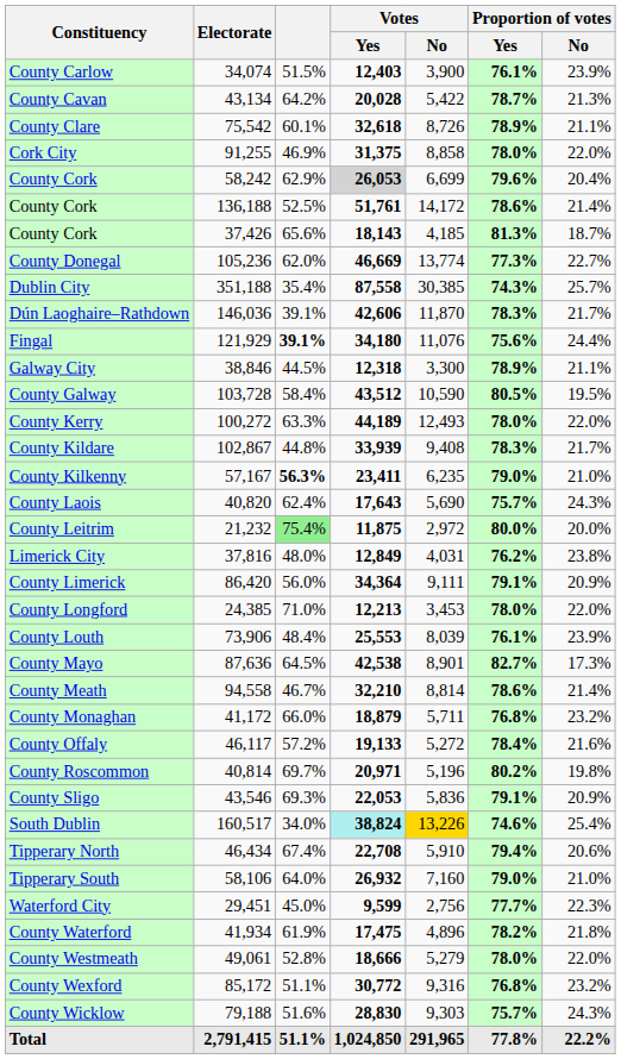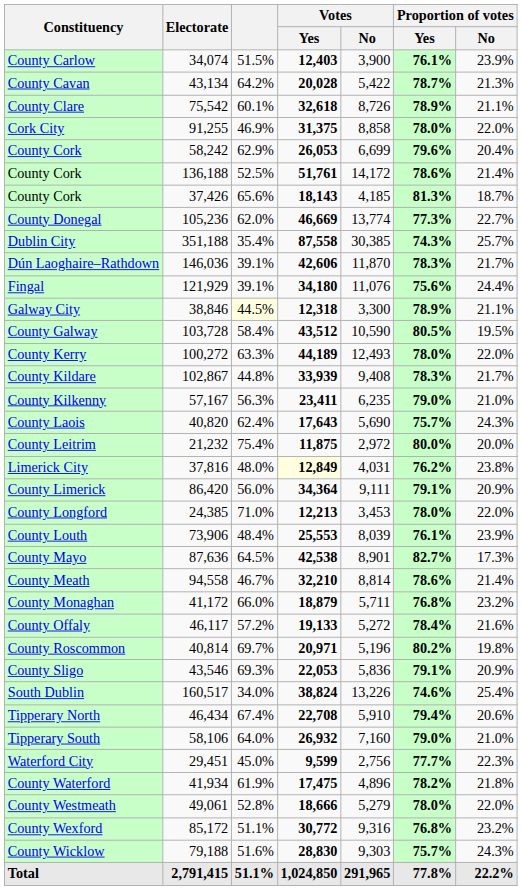 <table class="wikitable sortable">
 <tr>
 <th rowspan=2>Constituency</th>
 <th rowspan=2>Electorate</th>
 <th rowspan=2></th>
 <th colspan=2>Votes</th>
 <th colspan=2>Proportion of votes</th>
 </tr>
 <tr>
 <th>Yes</th>
 <th>No</th>
 <th>Yes</th>
 <th>No</th>
 </tr>
 <tr>
 <td style="background:#c8ffc8;"><a href='#'>County Carlow</a></td>
 <td style="text-align: right;">34,074</td>
 <td style="text-align: right;">51.5%</td>
 <td style="text-align: right;"><strong>12,403</strong></td>
 <td style="text-align: right;">3,900</td>
 <td style="text-align: right; background:#c8ffc8;"><strong>76.1%</strong></td>
 <td style="text-align: right;">23.9%</td>
 </tr>
 <tr>
 <td style="background:#c8ffc8;"><a href='#'>County Cavan</a></td>
 <td style="text-align: right;">43,134</td>
 <td style="text-align: right;">64.2%</td>
 <td style="text-align: right;"><strong>20,028</strong></td>
 <td style="text-align: right;">5,422</td>
 <td style="text-align: right; background:#c8ffc8;"><strong>78.7%</strong></td>
 <td style="text-align: right;">21.3%</td>
 </tr>
 <tr>
 <td style="background:#c8ffc8;"><a href='#'>County Clare</a></td>
 <td style="text-align: right;">75,542</td>
 <td style="text-align: right;">60.1%</td>
 <td style="text-align: right;"><strong>32,618</strong></td>
 <td style="text-align: right;">8,726</td>
 <td style="text-align: right; background:#c8ffc8;"><strong>78.9%</strong></td>
 <td style="text-align: right;">21.1%</td>
 </tr>
 <tr>
 <td style="background:#c8ffc8;"><a href='#'>Cork City</a></td>
 <td style="text-align: right;">91,255</td>
 <td style="text-align: right;">46.9%</td>
 <td style="text-align: right;"><strong>31,375</strong></td>
 <td style="text-align: right;">8,858</td>
 <td style="text-align: right; background:#c8ffc8;"><strong>78.0%</strong></td>
 <td style="text-align: right;">22.0%</td>
 </tr>
 <tr>
 <td style="background:#c8ffc8;"><a href='#'>County Cork</a> </td>
 <td style="text-align: right;">58,242</td>
 <td style="text-align: right;">62.9%</td>
-<td style="background: lightgrey; text-align: right;"><strong>26,053</strong></td>
+<td style="text-align: right;"><strong>26,053</strong></td>
 <td style="text-align: right;">6,699</td>
 <td style="text-align: right; background:#c8ffc8;"><strong>79.6%</strong></td>
 <td style="text-align: right;">20.4%</td>
 </tr>
 <tr>
 <td style="background:#c8ffc8;">County Cork </td>
 <td style="text-align: right;">136,188</td>
 <td style="text-align: right;">52.5%</td>
 <td style="text-align: right;"><strong>51,761</strong></td>
 <td style="text-align: right;">14,172</td>
 <td style="text-align: right; background:#c8ffc8;"><strong>78.6%</strong></td>
 <td style="text-align: right;">21.4%</td>
 </tr>
 <tr>
 <td style="background:#c8ffc8;">County Cork </td>
 <td style="text-align: right;">37,426</td>
 <td style="text-align: right;">65.6%</td>
 <td style="text-align: right;"><strong>18,143</strong></td>
 <td style="text-align: right;">4,185</td>
 <td style="text-align: right; background:#c8ffc8;"><strong>81.3%</strong></td>
 <td style="text-align: right;">18.7%</td>
 </tr>
 <tr>
 <td style="background:#c8ffc8;"><a href='#'>County Donegal</a></td>
 <td style="text-align: right;">105,236</td>
 <td style="text-align: right;">62.0%</td>
 <td style="text-align: right;"><strong>46,669</strong></td>
 <td style="text-align: right;">13,774</td>
 <td style="text-align: right; background:#c8ffc8;"><strong>77.3%</strong></td>
 <td style="text-align: right;">22.7%</td>
 </tr>
 <tr>
 <td style="background:#c8ffc8;"><a href='#'>Dublin City</a></td>
 <td style="text-align: right;">351,188</td>
 <td style="text-align: right;">35.4%</td>
 <td style="text-align: right;"><strong>87,558</strong></td>
 <td style="text-align: right;">30,385</td>
 <td style="text-align: right; background:#c8ffc8;"><strong>74.3%</strong></td>
 <td style="text-align: right;">25.7%</td>
 </tr>
 <tr>
 <td style="background:#c8ffc8;"><a href='#'>Dún Laoghaire–Rathdown</a></td>
 <td style="text-align: right;">146,036</td>
 <td style="text-align: right;">39.1%</td>
 <td style="text-align: right;"><strong>42,606</strong></td>
 <td style="text-align: right;">11,870</td>
 <td style="text-align: right; background:#c8ffc8;"><strong>78.3%</strong></td>
 <td style="text-align: right;">21.7%</td>
 </tr>
 <tr>
 <td style="background:#c8ffc8;"><a href='#'>Fingal</a></td>
 <td style="text-align: right;">121,929</td>
-<td style="text-align: right;"><strong>39.1%</strong></td>
+<td style="text-align: right;">39.1%</td>
 <td style="text-align: right;"><strong>34,180</strong></td>
 <td style="text-align: right;">11,076</td>
 <td style="text-align: right; background:#c8ffc8;"><strong>75.6%</strong></td>
 <td style="text-align: right;">24.4%</td>
 </tr>
 <tr>
 <td style="background:#c8ffc8;"><a href='#'>Galway City</a></td>
 <td style="text-align: right;">38,846</td>
-<td style="text-align: right;">44.5%</td>
+<td style="background: lightyellow; text-align: right;">44.5%</td>
 <td style="text-align: right;"><strong>12,318</strong></td>
 <td style="text-align: right;">3,300</td>
 <td style="text-align: right; background:#c8ffc8;"><strong>78.9%</strong></td>
 <td style="text-align: right;">21.1%</td>
 </tr>
 <tr>
 <td style="background:#c8ffc8;"><a href='#'>County Galway</a></td>
 <td style="text-align: right;">103,728</td>
 <td style="text-align: right;">58.4%</td>
 <td style="text-align: right;"><strong>43,512</strong></td>
 <td style="text-align: right;">10,590</td>
 <td style="text-align: right; background:#c8ffc8;"><strong>80.5%</strong></td>
 <td style="text-align: right;">19.5%</td>
 </tr>
 <tr>
 <td style="background:#c8ffc8;"><a href='#'>County Kerry</a></td>
 <td style="text-align: right;">100,272</td>
 <td style="text-align: right;">63.3%</td>
 <td style="text-align: right;"><strong>44,189</strong></td>
 <td style="text-align: right;">12,493</td>
 <td style="text-align: right; background:#c8ffc8;"><strong>78.0%</strong></td>
 <td style="text-align: right;">22.0%</td>
 </tr>
 <tr>
 <td style="background:#c8ffc8;"><a href='#'>County Kildare</a></td>
 <td style="text-align: right;">102,867</td>
 <td style="text-align: right;">44.8%</td>
 <td style="text-align: right;"><strong>33,939</strong></td>
 <td style="text-align: right;">9,408</td>
 <td style="text-align: right; background:#c8ffc8;"><strong>78.3%</strong></td>
 <td style="text-align: right;">21.7%</td>
 </tr>
 <tr>
 <td style="background:#c8ffc8;"><a href='#'>County Kilkenny</a></td>
 <td style="text-align: right;">57,167</td>
-<td style="text-align: right;"><strong>56.3%</strong></td>
+<td style="text-align: right;">56.3%</td>
 <td style="text-align: right;"><strong>23,411</strong></td>
 <td style="text-align: right;">6,235</td>
 <td style="text-align: right; background:#c8ffc8;"><strong>79.0%</strong></td>
 <td style="text-align: right;">21.0%</td>
 </tr>
 <tr>
 <td style="background:#c8ffc8;"><a href='#'>County Laois</a></td>
 <td style="text-align: right;">40,820</td>
 <td style="text-align: right;">62.4%</td>
 <td style="text-align: right;"><strong>17,643</strong></td>
 <td style="text-align: right;">5,690</td>
 <td style="text-align: right; background:#c8ffc8;"><strong>75.7%</strong></td>
 <td style="text-align: right;">24.3%</td>
 </tr>
 <tr>
 <td style="background:#c8ffc8;"><a href='#'>County Leitrim</a></td>
 <td style="text-align: right;">21,232</td>
-<td style="background: lightgreen; text-align: right;">75.4%</td>
+<td style="text-align: right;">75.4%</td>
 <td style="text-align: right;"><strong>11,875</strong></td>
 <td style="text-align: right;">2,972</td>
 <td style="text-align: right; background:#c8ffc8;"><strong>80.0%</strong></td>
 <td style="text-align: right;">20.0%</td>
 </tr>
 <tr>
 <td style="background:#c8ffc8;"><a href='#'>Limerick City</a></td>
 <td style="text-align: right;">37,816</td>
 <td style="text-align: right;">48.0%</td>
-<td style="text-align: right;"><strong>12,849</strong></td>
+<td style="background: lightyellow; text-align: right;"><strong>12,849</strong></td>
 <td style="text-align: right;">4,031</td>
 <td style="text-align: right; background:#c8ffc8;"><strong>76.2%</strong></td>
 <td style="text-align: right;">23.8%</td>
 </tr>
 <tr>
 <td style="background:#c8ffc8;"><a href='#'>County Limerick</a></td>
 <td style="text-align: right;">86,420</td>
 <td style="text-align: right;">56.0%</td>
 <td style="text-align: right;"><strong>34,364</strong></td>
 <td style="text-align: right;">9,111</td>
 <td style="text-align: right; background:#c8ffc8;"><strong>79.1%</strong></td>
 <td style="text-align: right;">20.9%</td>
 </tr>
 <tr>
 <td style="background:#c8ffc8;"><a href='#'>County Longford</a></td>
 <td style="text-align: right;">24,385</td>
 <td style="text-align: right;">71.0%</td>
 <td style="text-align: right;"><strong>12,213</strong></td>
 <td style="text-align: right;">3,453</td>
 <td style="text-align: right; background:#c8ffc8;"><strong>78.0%</strong></td>
 <td style="text-align: right;">22.0%</td>
 </tr>
 <tr>
 <td style="background:#c8ffc8;"><a href='#'>County Louth</a></td>
 <td style="text-align: right;">73,906</td>
 <td style="text-align: right;">48.4%</td>
 <td style="text-align: right;"><strong>25,553</strong></td>
 <td style="text-align: right;">8,039</td>
 <td style="text-align: right; background:#c8ffc8;"><strong>76.1%</strong></td>
 <td style="text-align: right;">23.9%</td>
 </tr>
 <tr>
 <td style="background:#c8ffc8;"><a href='#'>County Mayo</a></td>
 <td style="text-align: right;">87,636</td>
 <td style="text-align: right;">64.5%</td>
 <td style="text-align: right;"><strong>42,538</strong></td>
 <td style="text-align: right;">8,901</td>
 <td style="text-align: right; background:#c8ffc8;"><strong>82.7%</strong></td>
 <td style="text-align: right;">17.3%</td>
 </tr>
 <tr>
 <td style="background:#c8ffc8;"><a href='#'>County Meath</a></td>
 <td style="text-align: right;">94,558</td>
 <td style="text-align: right;">46.7%</td>
 <td style="text-align: right;"><strong>32,210</strong></td>
 <td style="text-align: right;">8,814</td>
 <td style="text-align: right; background:#c8ffc8;"><strong>78.6%</strong></td>
 <td style="text-align: right;">21.4%</td>
 </tr>
 <tr>
 <td style="background:#c8ffc8;"><a href='#'>County Monaghan</a></td>
 <td style="text-align: right;">41,172</td>
 <td style="text-align: right;">66.0%</td>
 <td style="text-align: right;"><strong>18,879</strong></td>
 <td style="text-align: right;">5,711</td>
 <td style="text-align: right; background:#c8ffc8;"><strong>76.8%</strong></td>
 <td style="text-align: right;">23.2%</td>
 </tr>
 <tr>
 <td style="background:#c8ffc8;"><a href='#'>County Offaly</a></td>
 <td style="text-align: right;">46,117</td>
 <td style="text-align: right;">57.2%</td>
 <td style="text-align: right;"><strong>19,133</strong></td>
 <td style="text-align: right;">5,272</td>
 <td style="text-align: right; background:#c8ffc8;"><strong>78.4%</strong></td>
 <td style="text-align: right;">21.6%</td>
 </tr>
 <tr>
 <td style="background:#c8ffc8;"><a href='#'>County Roscommon</a></td>
 <td style="text-align: right;">40,814</td>
 <td style="text-align: right;">69.7%</td>
 <td style="text-align: right;"><strong>20,971</strong></td>
 <td style="text-align: right;">5,196</td>
 <td style="text-align: right; background:#c8ffc8;"><strong>80.2%</strong></td>
 <td style="text-align: right;">19.8%</td>
 </tr>
 <tr>
 <td style="background:#c8ffc8;"><a href='#'>County Sligo</a></td>
 <td style="text-align: right;">43,546</td>
 <td style="text-align: right;">69.3%</td>
 <td style="text-align: right;"><strong>22,053</strong></td>
 <td style="text-align: right;">5,836</td>
 <td style="text-align: right; background:#c8ffc8;"><strong>79.1%</strong></td>
 <td style="text-align: right;">20.9%</td>
 </tr>
 <tr>
 <td style="background:#c8ffc8;"><a href='#'>South Dublin</a></td>
 <td style="text-align: right;">160,517</td>
 <td style="text-align: right;">34.0%</td>
-<td style="background: paleturquoise; text-align: right;"><strong>38,824</strong></td>
-<td style="background: gold; text-align: right;">13,226</td>
+<td style="text-align: right;"><strong>38,824</strong></td>
+<td style="text-align: right;">13,226</td>
 <td style="text-align: right; background:#c8ffc8;"><strong>74.6%</strong></td>
 <td style="text-align: right;">25.4%</td>
 </tr>
 <tr>
 <td style="background:#c8ffc8;"><a href='#'>Tipperary North</a></td>
 <td style="text-align: right;">46,434</td>
 <td style="text-align: right;">67.4%</td>
 <td style="text-align: right;"><strong>22,708</strong></td>
 <td style="text-align: right;">5,910</td>
 <td style="text-align: right; background:#c8ffc8;"><strong>79.4%</strong></td>
 <td style="text-align: right;">20.6%</td>
 </tr>
 <tr>
 <td style="background:#c8ffc8;"><a href='#'>Tipperary South</a></td>
 <td style="text-align: right;">58,106</td>
 <td style="text-align: right;">64.0%</td>
 <td style="text-align: right;"><strong>26,932</strong></td>
 <td style="text-align: right;">7,160</td>
 <td style="text-align: right; background:#c8ffc8;"><strong>79.0%</strong></td>
 <td style="text-align: right;">21.0%</td>
 </tr>
 <tr>
 <td style="background:#c8ffc8;"><a href='#'>Waterford City</a></td>
 <td style="text-align: right;">29,451</td>
 <td style="text-align: right;">45.0%</td>
 <td style="text-align: right;"><strong>9,599</strong></td>
 <td style="text-align: right;">2,756</td>
 <td style="text-align: right; background:#c8ffc8;"><strong>77.7%</strong></td>
 <td style="text-align: right;">22.3%</td>
 </tr>
 <tr>
 <td style="background:#c8ffc8;"><a href='#'>County Waterford</a></td>
 <td style="text-align: right;">41,934</td>
 <td style="text-align: right;">61.9%</td>
 <td style="text-align: right;"><strong>17,475</strong></td>
 <td style="text-align: right;">4,896</td>
 <td style="text-align: right; background:#c8ffc8;"><strong>78.2%</strong></td>
 <td style="text-align: right;">21.8%</td>
 </tr>
 <tr>
 <td style="background:#c8ffc8;"><a href='#'>County Westmeath</a></td>
 <td style="text-align: right;">49,061</td>
 <td style="text-align: right;">52.8%</td>
 <td style="text-align: right;"><strong>18,666</strong></td>
 <td style="text-align: right;">5,279</td>
 <td style="text-align: right; background:#c8ffc8;"><strong>78.0%</strong></td>
 <td style="text-align: right;">22.0%</td>
 </tr>
 <tr>
 <td style="background:#c8ffc8;"><a href='#'>County Wexford</a></td>
 <td style="text-align: right;">85,172</td>
 <td style="text-align: right;">51.1%</td>
 <td style="text-align: right;"><strong>30,772</strong></td>
 <td style="text-align: right;">9,316</td>
 <td style="text-align: right; background:#c8ffc8;"><strong>76.8%</strong></td>
 <td style="text-align: right;">23.2%</td>
 </tr>
 <tr>
 <td style="background:#c8ffc8;"><a href='#'>County Wicklow</a></td>
 <td style="text-align: right;">79,188</td>
 <td style="text-align: right;">51.6%</td>
 <td style="text-align: right;"><strong>28,830</strong></td>
 <td style="text-align: right;">9,303</td>
 <td style="text-align: right; background:#c8ffc8;"><strong>75.7%</strong></td>
 <td style="text-align: right;">24.3%</td>
 </tr>
 <tr class="sortbottom" style="font-weight:bold; background:rgb(232,232,232);">
 <td>Total</td>
 <td style="text-align: right;">2,791,415</td>
 <td style="text-align: right;">51.1%</td>
 <td style="text-align: right;">1,024,850</td>
 <td style="text-align: right;">291,965</td>
 <td style="text-align: right;">77.8%</td>
 <td style="text-align: right;">22.2%</td>
 </tr>
 </table>
